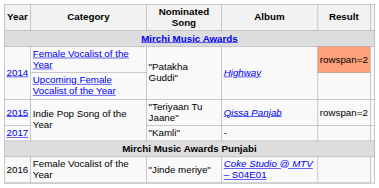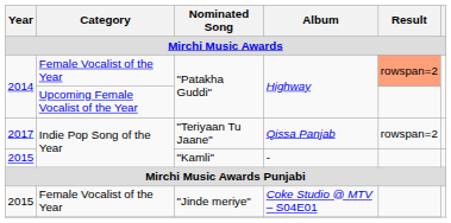 <table class="wikitable plainrowheaders">
 <tr>
 <th>Year</th>
 <th>Category</th>
 <th>Nominated Song</th>
 <th>Album</th>
 <th>Result</th>
 <th></th>
 </tr>
 <tr>
 <td colspan="6" style="text-align: center; background:#ddd; "><strong><a href='#'>Mirchi Music Awards</a></strong></td>
 </tr>
 <tr>
 <td rowspan=2><a href='#'>2014</a></td>
 <td><a href='#'>Female Vocalist of the Year</a></td>
 <td rowspan=2>"Patakha Guddi"</td>
 <td rowspan=2><em><a href='#'>Highway</a></em></td>
 <td style="background: lightsalmon;">rowspan=2 </td>
 <td rowspan=2 style="text-align: center;"></td>
 </tr>
 <tr>
 <td><a href='#'>Upcoming Female Vocalist of the Year</a></td>
 </tr>
 <tr>
-<td><a href='#'>2015</a></td>
+<td><a href='#'>2017</a></td>
 <td rowspan=2>Indie Pop Song of the Year</td>
 <td>"Teriyaan Tu Jaane"</td>
 <td><em><a href='#'>Qissa Panjab</a></em></td>
 <td>rowspan=2 </td>
 <td style="text-align: center;"></td>
 </tr>
 <tr>
-<td><a href='#'>2017</a></td>
+<td><a href='#'>2015</a></td>
 <td>"Kamli"</td>
 <td>-</td>
 <td style="text-align: center;"></td>
 </tr>
 <tr>
 <td colspan="6" style="text-align: center; background:#ddd; "><strong>Mirchi Music Awards Punjabi</strong></td>
 </tr>
 <tr>
-<td>2016</td>
+<td>2015</td>
 <td>Female Vocalist of the Year</td>
 <td>"Jinde meriye"</td>
 <td><a href='#'><em>Coke Studio @ MTV</em> – S04E01</a></td>
 <td></td>
 <td rowspan=2 style="text-align: center;"></td>
 </tr>
 <tr>
 </tr>
 </table>
